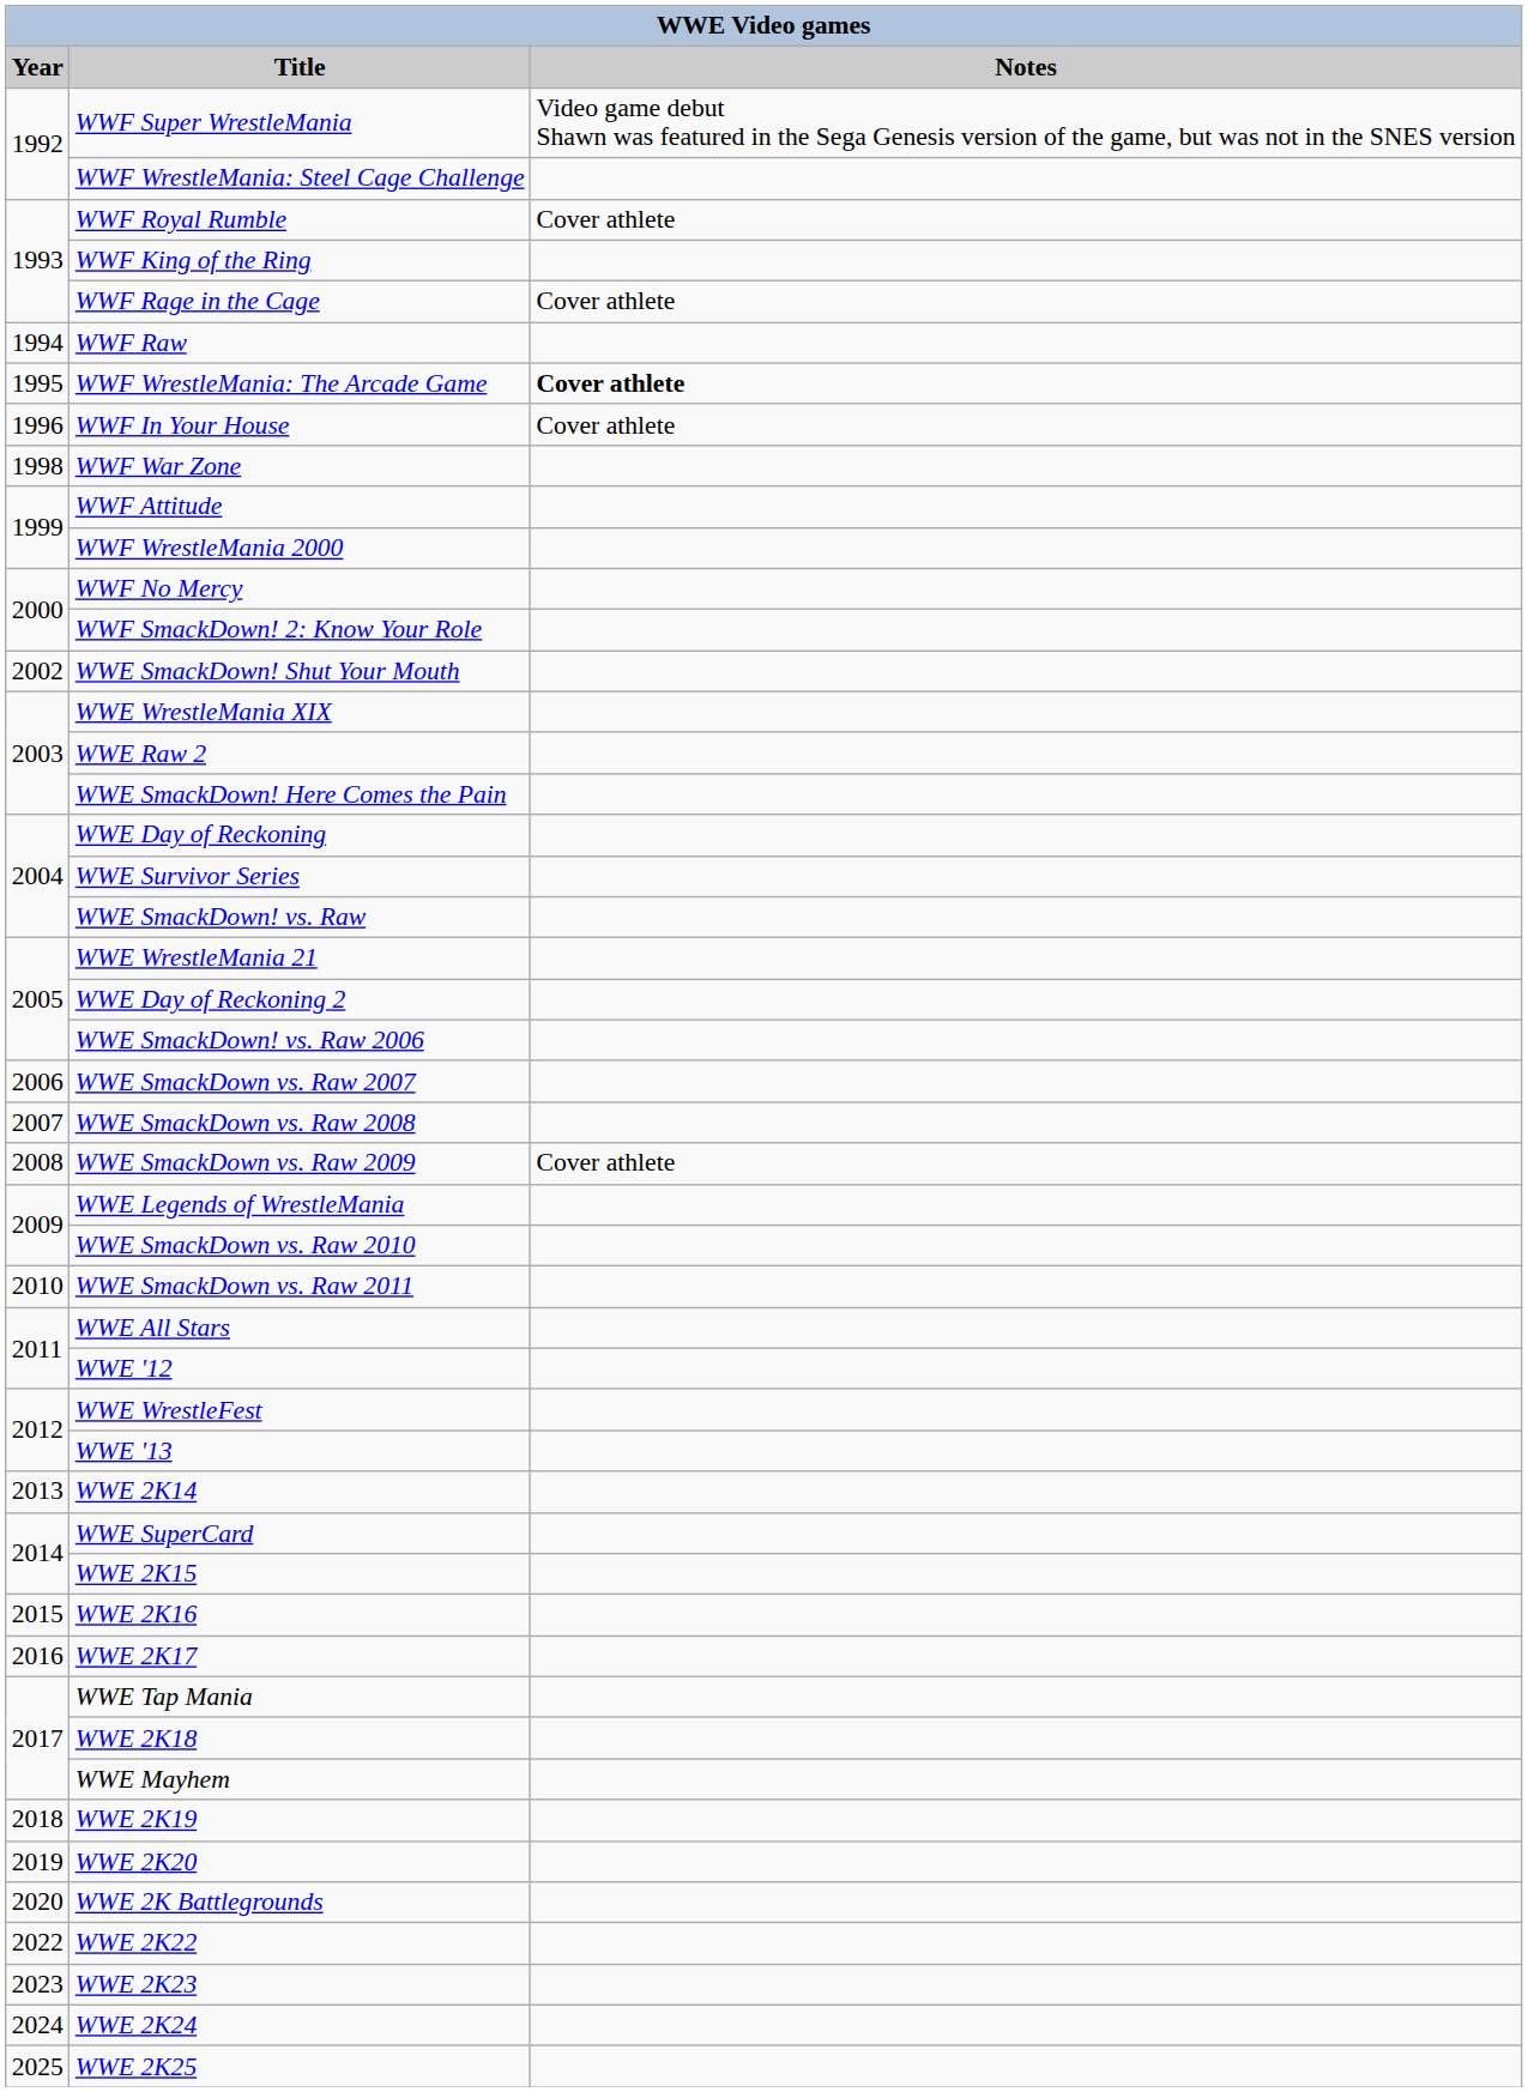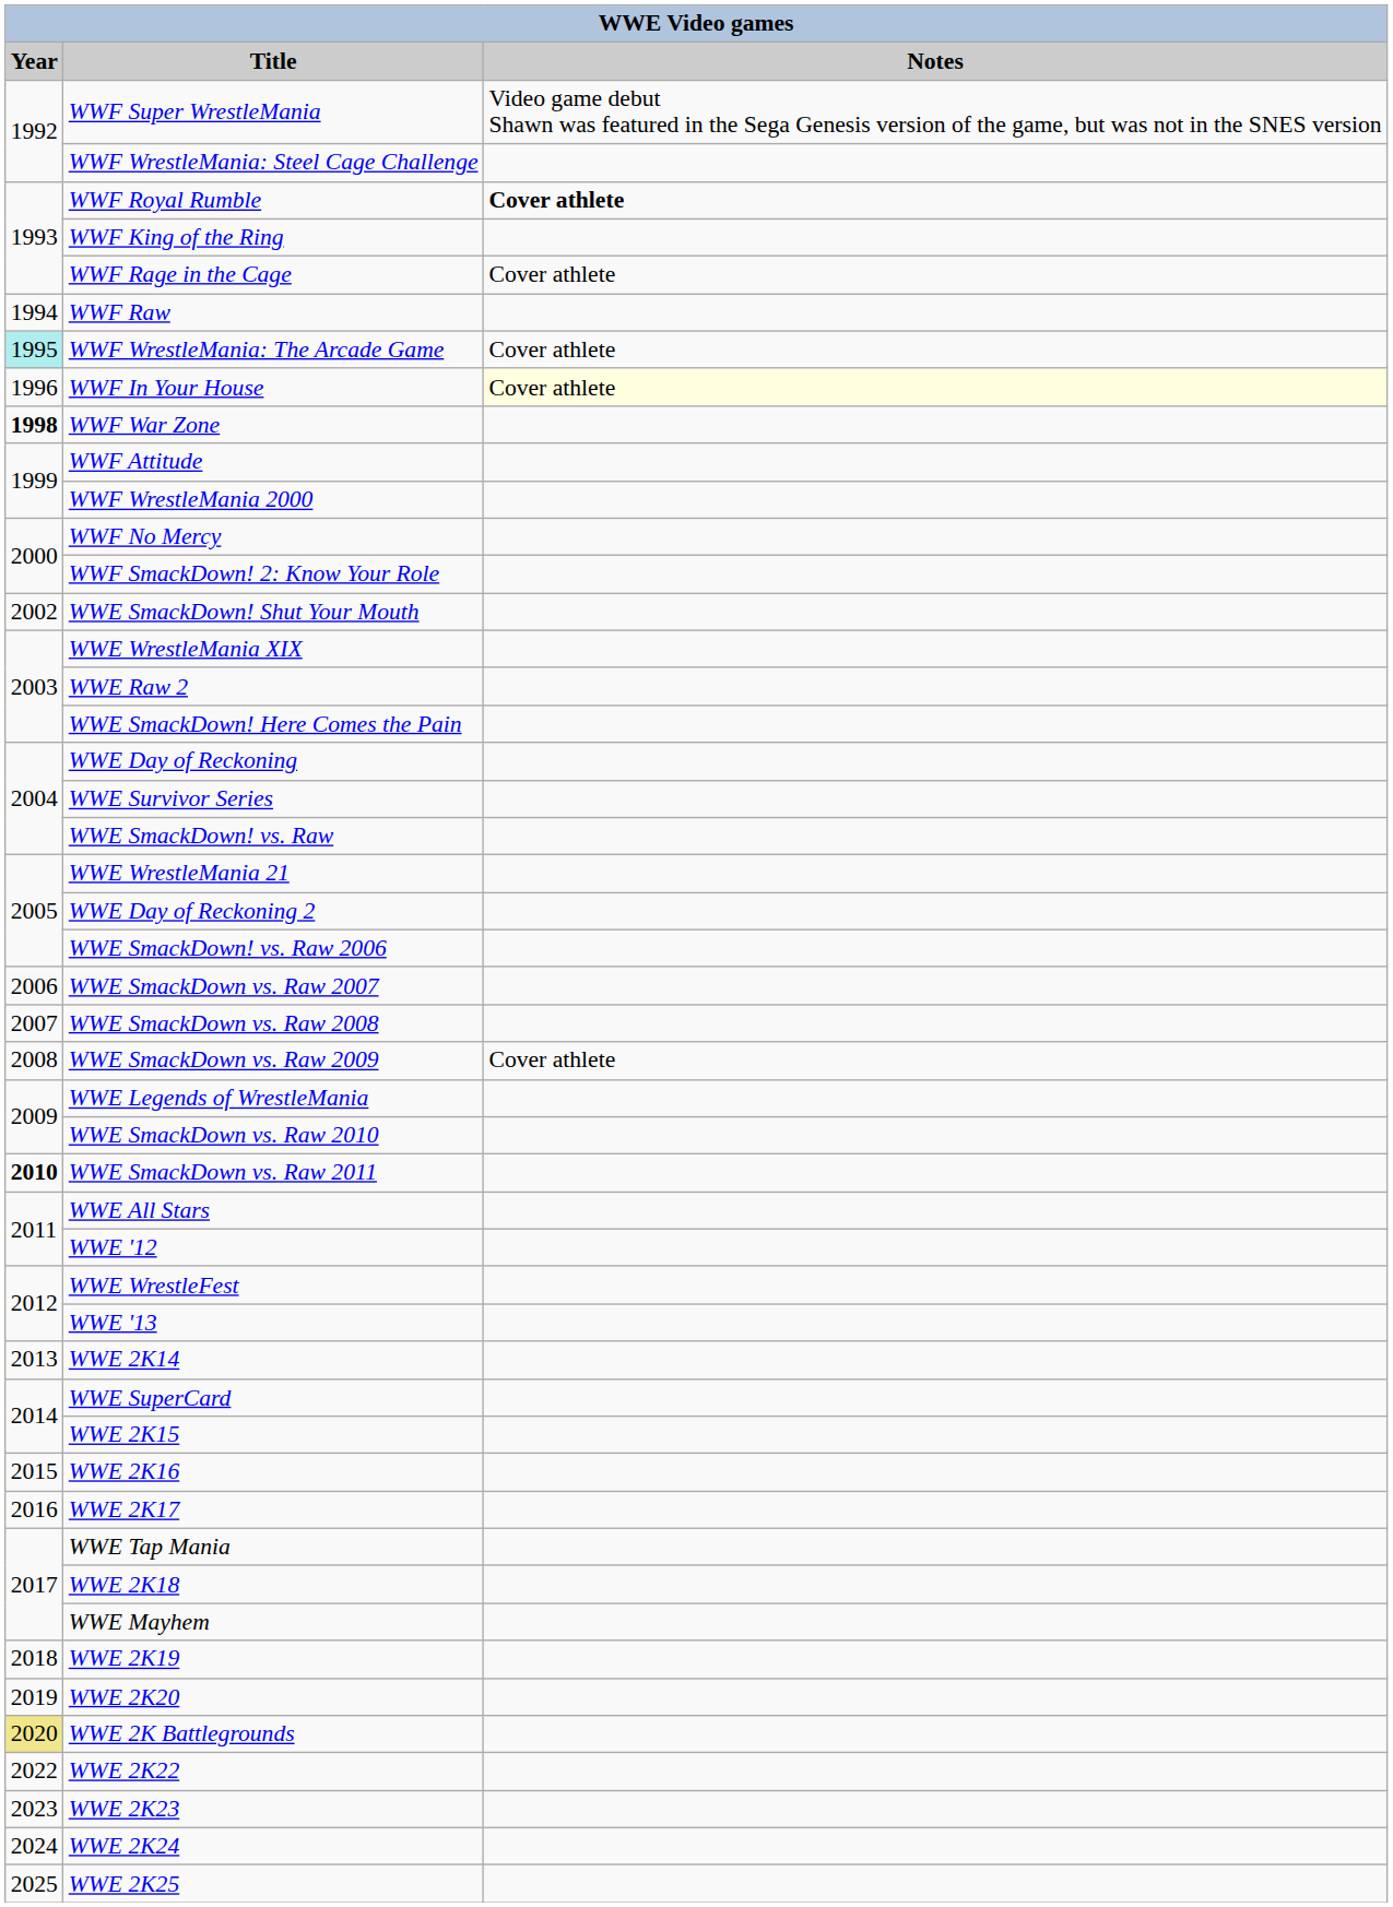 <table class="wikitable sortable">
 <tr style="text-align:center;">
 <th colspan=4 style="background:#B0C4DE;">WWE Video games</th>
 </tr>
 <tr style="text-align:center;">
 <th style="background:#ccc;">Year</th>
 <th style="background:#ccc;">Title</th>
 <th style="background:#ccc;">Notes</th>
 </tr>
 <tr>
 <td rowspan="2">1992</td>
 <td><em><a href='#'>WWF Super WrestleMania</a></em></td>
 <td>Video game debut <br> Shawn was featured in the Sega Genesis version of the game, but was not in the SNES version</td>
 </tr>
 <tr>
 <td><em><a href='#'>WWF WrestleMania: Steel Cage Challenge</a></em></td>
 <td></td>
 </tr>
 <tr>
 <td rowspan="3">1993</td>
 <td><em><a href='#'>WWF Royal Rumble</a></em></td>
-<td>Cover athlete</td>
+<td><strong>Cover athlete</strong></td>
 </tr>
 <tr>
 <td><em><a href='#'>WWF King of the Ring</a></em></td>
 <td></td>
 </tr>
 <tr>
 <td><em><a href='#'>WWF Rage in the Cage</a></em></td>
 <td>Cover athlete</td>
 </tr>
 <tr>
 <td>1994</td>
 <td><em><a href='#'>WWF Raw</a></em></td>
 <td></td>
 </tr>
 <tr>
-<td>1995</td>
+<td style="background: paleturquoise;">1995</td>
 <td><em><a href='#'>WWF WrestleMania: The Arcade Game</a></em></td>
-<td><strong>Cover athlete</strong></td>
+<td>Cover athlete</td>
 </tr>
 <tr>
 <td>1996</td>
 <td><em><a href='#'>WWF In Your House</a></em></td>
-<td>Cover athlete</td>
+<td style="background: lightyellow;">Cover athlete</td>
 </tr>
 <tr>
-<td>1998</td>
+<td><strong>1998</strong></td>
 <td><em><a href='#'>WWF War Zone</a></em></td>
 <td></td>
 </tr>
 <tr>
 <td rowspan="2">1999</td>
 <td><em><a href='#'>WWF Attitude</a></em></td>
 <td></td>
 </tr>
 <tr>
 <td><em><a href='#'>WWF WrestleMania 2000</a></em></td>
 <td></td>
 </tr>
 <tr>
 <td rowspan="2">2000</td>
 <td><em><a href='#'>WWF No Mercy</a></em></td>
 <td></td>
 </tr>
 <tr>
 <td><em><a href='#'>WWF SmackDown! 2: Know Your Role</a></em></td>
 <td></td>
 </tr>
 <tr>
 <td>2002</td>
 <td><em><a href='#'>WWE SmackDown! Shut Your Mouth</a></em></td>
 <td></td>
 </tr>
 <tr>
 <td rowspan="3">2003</td>
 <td><em><a href='#'>WWE WrestleMania XIX</a></em></td>
 <td></td>
 </tr>
 <tr>
 <td><em><a href='#'>WWE Raw 2</a></em></td>
 <td></td>
 </tr>
 <tr>
 <td><em><a href='#'>WWE SmackDown! Here Comes the Pain</a></em></td>
 <td></td>
 </tr>
 <tr>
 <td rowspan="3">2004</td>
 <td><em><a href='#'>WWE Day of Reckoning</a></em></td>
 <td></td>
 </tr>
 <tr>
 <td><em><a href='#'>WWE Survivor Series</a></em></td>
 <td></td>
 </tr>
 <tr>
 <td><em><a href='#'>WWE SmackDown! vs. Raw</a></em></td>
 <td></td>
 </tr>
 <tr>
 <td rowspan="3">2005</td>
 <td><em><a href='#'>WWE WrestleMania 21</a></em></td>
 <td></td>
 </tr>
 <tr>
 <td><em><a href='#'>WWE Day of Reckoning 2</a></em></td>
 <td></td>
 </tr>
 <tr>
 <td><em><a href='#'>WWE SmackDown! vs. Raw 2006</a></em></td>
 <td></td>
 </tr>
 <tr>
 <td>2006</td>
 <td><em><a href='#'>WWE SmackDown vs. Raw 2007</a></em></td>
 <td></td>
 </tr>
 <tr>
 <td>2007</td>
 <td><em><a href='#'>WWE SmackDown vs. Raw 2008</a></em></td>
 <td></td>
 </tr>
 <tr>
 <td>2008</td>
 <td><em><a href='#'>WWE SmackDown vs. Raw 2009</a></em></td>
 <td>Cover athlete</td>
 </tr>
 <tr>
 <td rowspan="2">2009</td>
 <td><em><a href='#'>WWE Legends of WrestleMania</a></em></td>
 <td></td>
 </tr>
 <tr>
 <td><em><a href='#'>WWE SmackDown vs. Raw 2010</a></em></td>
 <td></td>
 </tr>
 <tr>
-<td>2010</td>
+<td><strong>2010</strong></td>
 <td><em><a href='#'>WWE SmackDown vs. Raw 2011</a></em></td>
 <td></td>
 </tr>
 <tr>
 <td rowspan="2">2011</td>
 <td><em><a href='#'>WWE All Stars</a></em></td>
 <td></td>
 </tr>
 <tr>
 <td><em><a href='#'>WWE '12</a></em></td>
 <td></td>
 </tr>
 <tr>
 <td rowspan="2">2012</td>
 <td><em><a href='#'>WWE WrestleFest</a></em></td>
 <td></td>
 </tr>
 <tr>
 <td><em><a href='#'>WWE '13</a></em></td>
 <td></td>
 </tr>
 <tr>
 <td>2013</td>
 <td><em><a href='#'>WWE 2K14</a></em></td>
 <td></td>
 </tr>
 <tr>
 <td rowspan="2">2014</td>
 <td><em><a href='#'>WWE SuperCard</a></em></td>
 <td></td>
 </tr>
 <tr>
 <td><em><a href='#'>WWE 2K15</a></em></td>
 <td></td>
 </tr>
 <tr>
 <td>2015</td>
 <td><em><a href='#'>WWE 2K16</a></em></td>
 <td></td>
 </tr>
 <tr>
 <td>2016</td>
 <td><em><a href='#'>WWE 2K17</a></em></td>
 <td></td>
 </tr>
 <tr>
 <td rowspan="3">2017</td>
 <td><em>WWE Tap Mania</em></td>
 <td></td>
 </tr>
 <tr>
 <td><em><a href='#'>WWE 2K18</a></em></td>
 <td></td>
 </tr>
 <tr>
 <td><em>WWE Mayhem</em></td>
 <td></td>
 </tr>
 <tr>
 <td>2018</td>
 <td><em><a href='#'>WWE 2K19</a></em></td>
 <td></td>
 </tr>
 <tr>
 <td>2019</td>
 <td><em><a href='#'>WWE 2K20</a></em></td>
 <td></td>
 </tr>
 <tr>
-<td>2020</td>
+<td style="background: khaki;">2020</td>
 <td><em><a href='#'>WWE 2K Battlegrounds</a></em></td>
 <td></td>
 </tr>
 <tr>
 <td>2022</td>
 <td><em><a href='#'>WWE 2K22</a></em></td>
 <td></td>
 </tr>
 <tr>
 <td>2023</td>
 <td><em><a href='#'>WWE 2K23</a></em></td>
 <td></td>
 </tr>
 <tr>
 <td>2024</td>
 <td><em><a href='#'>WWE 2K24</a></em></td>
 <td></td>
 </tr>
 <tr>
 <td>2025</td>
 <td><em><a href='#'>WWE 2K25</a></em></td>
 <td></td>
 </tr>
 </table>
